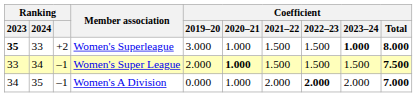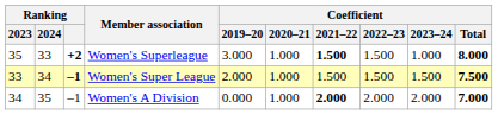 <table class="wikitable sortable" style="font-size: 97%;">
 <tr style="font-size: 88%;">
 <th colspan="3">Ranking</th>
 <th rowspan="2">Member association</th>
 <th colspan="6">Coefficient</th>
 </tr>
 <tr style="font-size: 88%;">
 <th>2023</th>
 <th>2024</th>
 <th data-sort-type="number"></th>
 <th>2019–20</th>
 <th>2020–21</th>
 <th>2021–22</th>
 <th>2022–23</th>
 <th>2023–24</th>
 <th>Total</th>
 </tr>
 <tr bgcolor="#FFFFFF">
-<td><strong>35</strong></td>
+<td>35</td>
 <td>33</td>
-<td> +2</td>
+<td><strong> +2</strong></td>
 <td> <a href='#'>Women's Superleague</a></td>
 <td>3.000</td>
 <td>1.000</td>
+<td><strong>1.500</strong></td>
 <td>1.500</td>
-<td>1.500</td>
-<td><strong>1.000</strong></td>
+<td>1.000</td>
 <td><strong>8.000</strong></td>
 </tr>
 <tr bgcolor="#FFFFBB">
 <td>33</td>
 <td>34</td>
-<td> –1</td>
+<td><strong> –1</strong></td>
 <td> <a href='#'>Women's Super League</a></td>
 <td>2.000</td>
-<td><strong>1.000</strong></td>
+<td>1.000</td>
 <td>1.500</td>
 <td>1.500</td>
 <td>1.500</td>
 <td><strong>7.500</strong></td>
 </tr>
 <tr bgcolor="#FFFFFF">
 <td>34</td>
 <td>35</td>
 <td> –1</td>
 <td> <a href='#'>Women's A Division</a></td>
 <td>0.000</td>
 <td>1.000</td>
+<td><strong>2.000</strong></td>
 <td>2.000</td>
-<td><strong>2.000</strong></td>
 <td>2.000</td>
 <td><strong>7.000</strong></td>
 </tr>
 </table>
